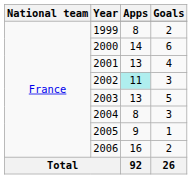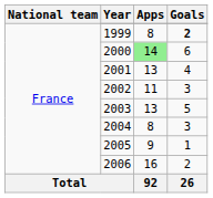 <table class="wikitable" style="text-align:center">
 <tr>
 <th>National team</th>
 <th>Year</th>
 <th>Apps</th>
 <th>Goals</th>
 </tr>
 <tr>
 <td rowspan="9"><a href='#'>France</a></td>
 </tr>
 <tr>
 <td>1999</td>
 <td>8</td>
-<td>2</td>
+<td><strong>2</strong></td>
 </tr>
 <tr>
 <td>2000</td>
-<td>14</td>
+<td style="background: lightgreen;">14</td>
 <td>6</td>
 </tr>
 <tr>
 <td>2001</td>
 <td>13</td>
 <td>4</td>
 </tr>
 <tr>
 <td>2002</td>
-<td style="background: paleturquoise;">11</td>
+<td>11</td>
 <td>3</td>
 </tr>
 <tr>
 <td>2003</td>
 <td>13</td>
 <td>5</td>
 </tr>
 <tr>
 <td>2004</td>
 <td>8</td>
 <td>3</td>
 </tr>
 <tr>
 <td>2005</td>
 <td>9</td>
 <td>1</td>
 </tr>
 <tr>
 <td>2006</td>
 <td>16</td>
 <td>2</td>
 </tr>
 <tr>
 <th colspan="2">Total</th>
 <th>92</th>
 <th>26</th>
 </tr>
 </table>
